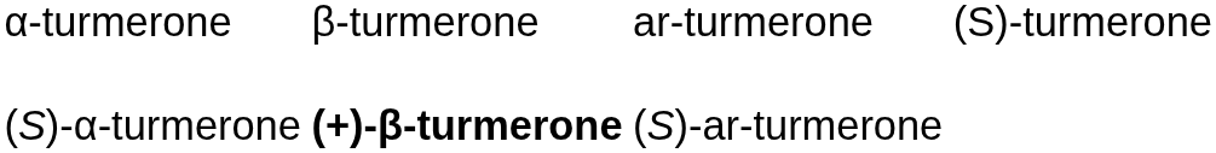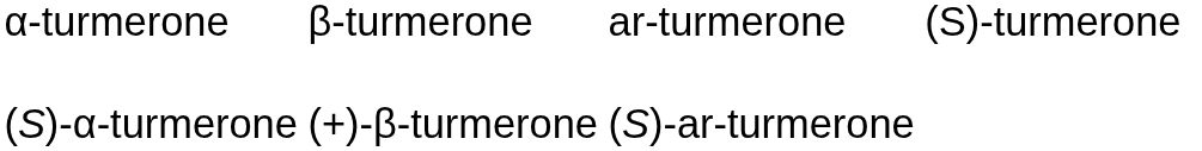 <table>
 <tr>
 <td> <br><div>α-turmerone</div></td>
 <td> <br><div>β-turmerone</div></td>
 <td> <br><div>ar-turmerone</div></td>
 <td> <br><div>(S)-turmerone</div></td>
 </tr>
 <tr>
 <td><br><div>(<em>S</em>)-α-turmerone</div></td>
-<td><strong> <br><div>(+)-β-turmerone</div></strong></td>
+<td> <br><div>(+)-β-turmerone</div></td>
 <td><br><div>(<em>S</em>)-ar-turmerone</div></td>
 <td></td>
 </tr>
 </table>
